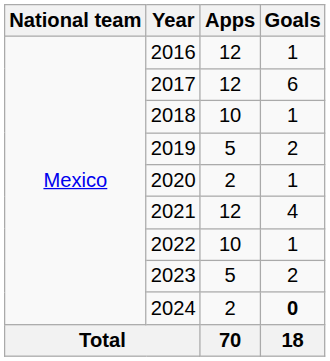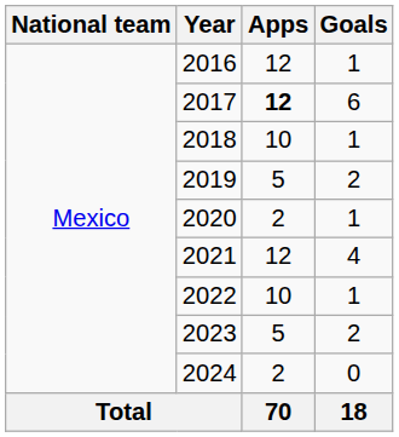 <table class="wikitable" style="text-align:center">
 <tr>
 <th>National team</th>
 <th>Year</th>
 <th>Apps</th>
 <th>Goals</th>
 </tr>
 <tr>
 <td rowspan="9"><a href='#'>Mexico</a></td>
 <td>2016</td>
 <td>12</td>
 <td>1</td>
 </tr>
 <tr>
 <td>2017</td>
-<td>12</td>
+<td><strong>12</strong></td>
 <td>6</td>
 </tr>
 <tr>
 <td>2018</td>
 <td>10</td>
 <td>1</td>
 </tr>
 <tr>
 <td>2019</td>
 <td>5</td>
 <td>2</td>
 </tr>
 <tr>
 <td>2020</td>
 <td>2</td>
 <td>1</td>
 </tr>
 <tr>
 <td>2021</td>
 <td>12</td>
 <td>4</td>
 </tr>
 <tr>
 <td>2022</td>
 <td>10</td>
 <td>1</td>
 </tr>
 <tr>
 <td>2023</td>
 <td>5</td>
 <td>2</td>
 </tr>
 <tr>
 <td>2024</td>
 <td>2</td>
-<td><strong>0</strong></td>
+<td>0</td>
 </tr>
 <tr>
 <th colspan="2">Total</th>
 <th>70</th>
 <th>18</th>
 </tr>
 </table>
